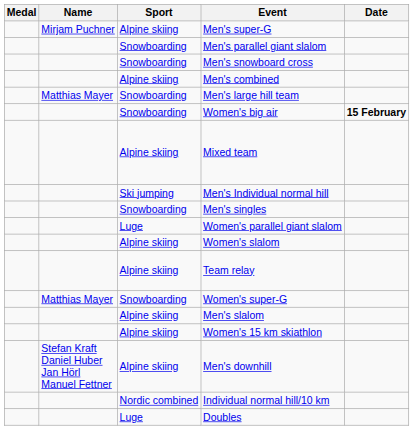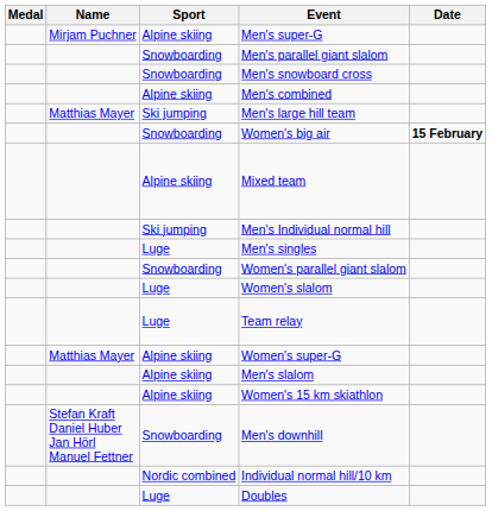 <table class="wikitable sortable" style="font-size:95%;">
 <tr>
 <th>Medal</th>
 <th>Name</th>
 <th>Sport</th>
 <th>Event</th>
 <th>Date</th>
 </tr>
 <tr>
 <td></td>
 <td><a href='#'>Mirjam Puchner</a></td>
 <td><a href='#'>Alpine skiing</a></td>
 <td><a href='#'>Men's super-G</a></td>
 <td></td>
 </tr>
 <tr>
 <td></td>
 <td></td>
 <td><a href='#'>Snowboarding</a></td>
 <td><a href='#'>Men's parallel giant slalom</a></td>
 <td></td>
 </tr>
 <tr>
 <td></td>
 <td></td>
 <td><a href='#'>Snowboarding</a></td>
 <td><a href='#'>Men's snowboard cross</a></td>
 <td></td>
 </tr>
 <tr>
 <td></td>
 <td></td>
 <td><a href='#'>Alpine skiing</a></td>
 <td><a href='#'>Men's combined</a></td>
 <td></td>
 </tr>
 <tr>
 <td></td>
 <td><a href='#'>Matthias Mayer</a></td>
-<td><a href='#'>Snowboarding</a></td>
+<td><a href='#'>Ski jumping</a></td>
 <td><a href='#'>Men's large hill team</a></td>
 <td></td>
 </tr>
 <tr>
 <td></td>
 <td></td>
 <td><a href='#'>Snowboarding</a></td>
 <td><a href='#'>Women's big air</a></td>
 <td><strong>15 February</strong></td>
 </tr>
 <tr>
 <td></td>
 <td><br><br><br><br><br></td>
 <td><a href='#'>Alpine skiing</a></td>
 <td><a href='#'>Mixed team</a></td>
 <td></td>
 </tr>
 <tr>
 <td></td>
 <td></td>
 <td><a href='#'>Ski jumping</a></td>
 <td><a href='#'>Men's Individual normal hill</a></td>
 <td></td>
 </tr>
 <tr>
 <td></td>
 <td></td>
-<td><a href='#'>Snowboarding</a></td>
+<td><a href='#'>Luge</a></td>
 <td><a href='#'>Men's singles</a></td>
 <td></td>
 </tr>
 <tr>
 <td></td>
 <td></td>
-<td><a href='#'>Luge</a></td>
+<td><a href='#'>Snowboarding</a></td>
 <td><a href='#'>Women's parallel giant slalom</a></td>
 <td></td>
 </tr>
 <tr>
 <td></td>
 <td></td>
-<td><a href='#'>Alpine skiing</a></td>
+<td><a href='#'>Luge</a></td>
 <td><a href='#'>Women's slalom</a></td>
 <td></td>
 </tr>
 <tr>
 <td></td>
 <td><br><br><br></td>
-<td><a href='#'>Alpine skiing</a></td>
+<td><a href='#'>Luge</a></td>
 <td><a href='#'>Team relay</a></td>
 <td></td>
 </tr>
 <tr>
 <td></td>
 <td><a href='#'>Matthias Mayer</a></td>
-<td><a href='#'>Snowboarding</a></td>
+<td><a href='#'>Alpine skiing</a></td>
 <td><a href='#'>Women's super-G</a></td>
 <td></td>
 </tr>
 <tr>
 <td></td>
 <td></td>
 <td><a href='#'>Alpine skiing</a></td>
 <td><a href='#'>Men's slalom</a></td>
 <td></td>
 </tr>
 <tr>
 <td></td>
 <td></td>
 <td><a href='#'>Alpine skiing</a></td>
 <td><a href='#'>Women's 15 km skiathlon</a></td>
 <td></td>
 </tr>
 <tr>
 <td></td>
 <td><a href='#'>Stefan Kraft</a><br><a href='#'>Daniel Huber</a><br><a href='#'>Jan Hörl</a><br><a href='#'>Manuel Fettner</a></td>
-<td><a href='#'>Alpine skiing</a></td>
+<td><a href='#'>Snowboarding</a></td>
 <td><a href='#'>Men's downhill</a></td>
 <td></td>
 </tr>
 <tr>
 <td></td>
 <td></td>
 <td><a href='#'>Nordic combined</a></td>
 <td><a href='#'>Individual normal hill/10 km</a></td>
 <td></td>
 </tr>
 <tr>
 <td></td>
 <td><br></td>
 <td><a href='#'>Luge</a></td>
 <td><a href='#'>Doubles</a></td>
 <td></td>
 </tr>
 </table>
